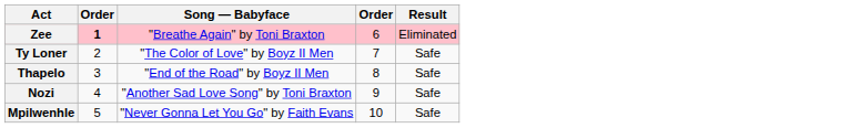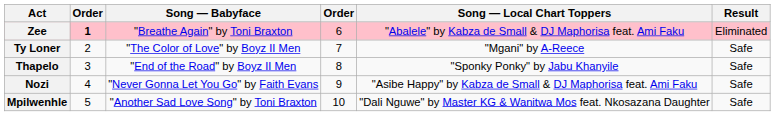 <table class="wikitable plainrowheaders" style="text-align:center;">
 <tr>
 <th scope"col">Act</th>
 <th scope"col">Order</th>
 <th scope"col">Song — Babyface </th>
 <th scope"col">Order</th>
+<th scope"col">Song — Local Chart Toppers</th>
 <th scope"col">Result</th>
 </tr>
 <tr style="background: pink">
 <th scope=row>Zee</th>
 <td><strong>1</strong></td>
 <td>"<a href='#'>Breathe Again</a>" by <a href='#'>Toni Braxton</a></td>
 <td>6</td>
+<td>"<a href='#'>Abalele</a>" by <a href='#'>Kabza de Small</a> & <a href='#'>DJ Maphorisa</a> feat. <a href='#'>Ami Faku</a></td>
 <td>Eliminated</td>
 </tr>
 <tr>
 <th scope=row>Ty Loner</th>
 <td>2</td>
 <td>"<a href='#'>The Color of Love</a>" by <a href='#'>Boyz II Men</a></td>
 <td>7</td>
+<td>"Mgani" by <a href='#'>A-Reece</a></td>
 <td>Safe</td>
 </tr>
 <tr>
 <th scope=row>Thapelo</th>
 <td>3</td>
 <td>"<a href='#'>End of the Road</a>" by <a href='#'>Boyz II Men</a></td>
 <td>8</td>
+<td>"Sponky Ponky" by <a href='#'>Jabu Khanyile</a></td>
 <td>Safe</td>
 </tr>
 <tr>
 <th scope=row>Nozi</th>
 <td>4</td>
-<td>"<a href='#'>Another Sad Love Song</a>" by <a href='#'>Toni Braxton</a></td>
+<td>"<a href='#'>Never Gonna Let You Go</a>" by <a href='#'>Faith Evans</a></td>
 <td>9</td>
+<td>"Asibe Happy" by <a href='#'>Kabza de Small</a> & <a href='#'>DJ Maphorisa</a> feat. <a href='#'>Ami Faku</a></td>
 <td>Safe</td>
 </tr>
 <tr>
 <th scope=row>Mpilwenhle</th>
 <td>5</td>
-<td>"<a href='#'>Never Gonna Let You Go</a>" by <a href='#'>Faith Evans</a></td>
+<td>"<a href='#'>Another Sad Love Song</a>" by <a href='#'>Toni Braxton</a></td>
 <td>10</td>
+<td>"Dali Nguwe" by <a href='#'>Master KG & Wanitwa Mos</a> feat. Nkosazana Daughter</td>
 <td>Safe</td>
 </tr>
 </table>
